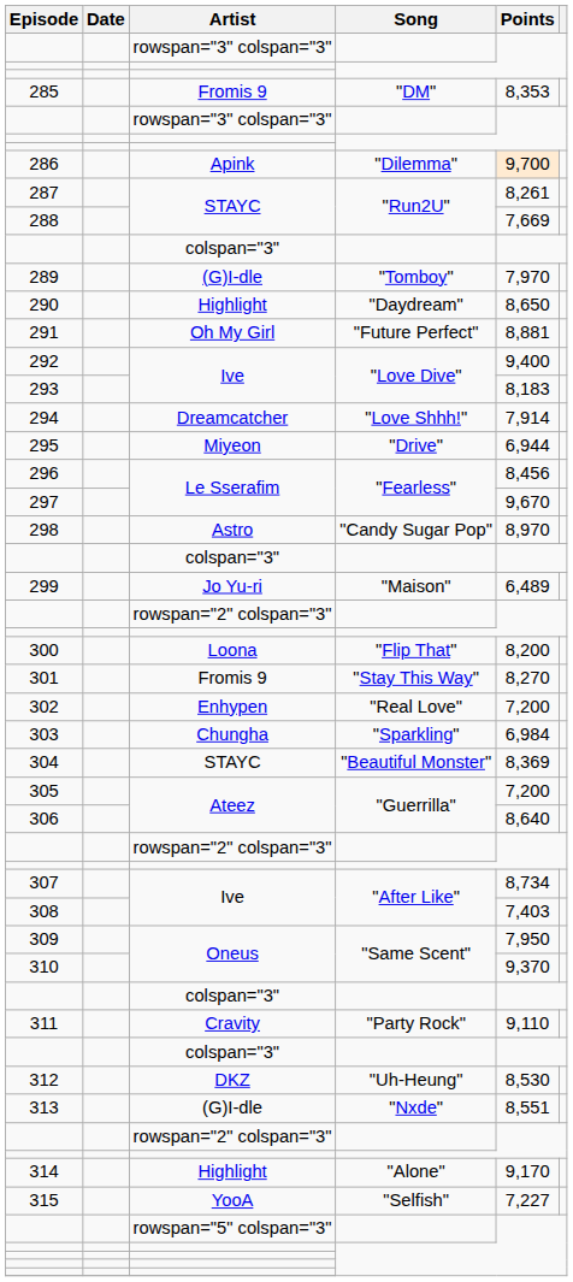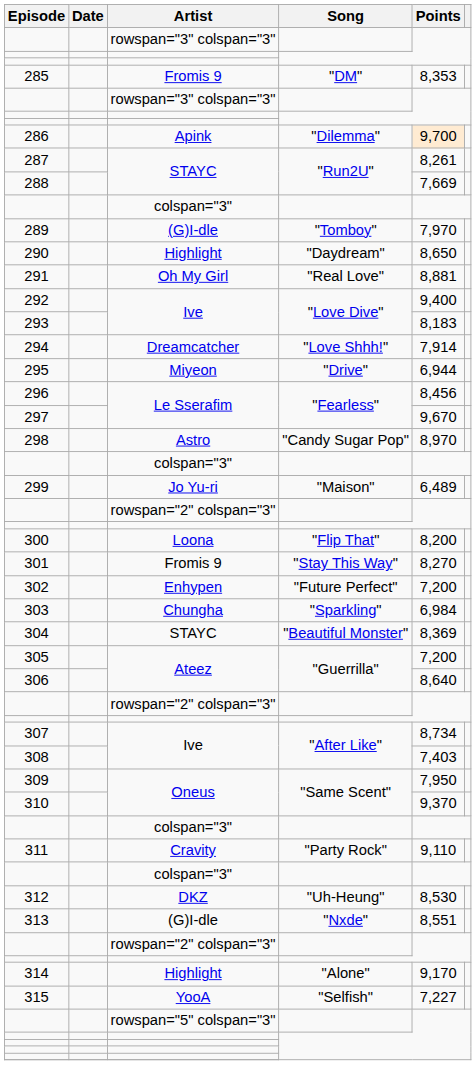 <table class="sortable wikitable" style=text-align:center>
 <tr>
 <th>Episode</th>
 <th>Date</th>
 <th>Artist</th>
 <th>Song</th>
 <th>Points</th>
 <th class="unsortable"></th>
 </tr>
 <tr>
 <td></td>
 <td></td>
 <td>rowspan="3" colspan="3" </td>
 <td></td>
 </tr>
 <tr>
 <td></td>
 <td></td>
 <td></td>
 </tr>
 <tr>
 <td></td>
 <td></td>
 <td></td>
 </tr>
 <tr>
 <td>285</td>
 <td></td>
 <td><a href='#'>Fromis 9</a></td>
 <td>"<a href='#'>DM</a>"</td>
 <td>8,353</td>
 <td></td>
 </tr>
 <tr>
 <td></td>
 <td></td>
 <td>rowspan="3" colspan="3" </td>
 <td></td>
 </tr>
 <tr>
 <td></td>
 <td></td>
 <td></td>
 </tr>
 <tr>
 <td></td>
 <td></td>
 <td></td>
 </tr>
 <tr>
 <td>286</td>
 <td></td>
 <td><a href='#'>Apink</a></td>
 <td>"<a href='#'>Dilemma</a>"</td>
 <td style="background: #ffebd2">9,700</td>
 <td></td>
 </tr>
 <tr>
 <td>287</td>
 <td></td>
 <td rowspan="2"><a href='#'>STAYC</a></td>
 <td rowspan="2">"<a href='#'>Run2U</a>"</td>
 <td>8,261</td>
 <td></td>
 </tr>
 <tr>
 <td>288</td>
 <td></td>
 <td>7,669</td>
 <td></td>
 </tr>
 <tr>
 <td></td>
 <td></td>
 <td>colspan="3" </td>
 <td></td>
 </tr>
 <tr>
 <td>289</td>
 <td></td>
 <td><a href='#'>(G)I-dle</a></td>
 <td>"<a href='#'>Tomboy</a>"</td>
 <td>7,970</td>
 <td></td>
 </tr>
 <tr>
 <td>290</td>
 <td></td>
 <td><a href='#'>Highlight</a></td>
 <td>"Daydream"</td>
 <td>8,650</td>
 <td></td>
 </tr>
 <tr>
 <td>291</td>
 <td></td>
 <td><a href='#'>Oh My Girl</a></td>
-<td>"Future Perfect"</td>
+<td>"Real Love"</td>
 <td>8,881</td>
 <td></td>
 </tr>
 <tr>
 <td>292</td>
 <td></td>
 <td rowspan="2"><a href='#'>Ive</a></td>
 <td rowspan="2">"<a href='#'>Love Dive</a>"</td>
 <td>9,400</td>
 <td></td>
 </tr>
 <tr>
 <td>293</td>
 <td></td>
 <td>8,183</td>
 <td></td>
 </tr>
 <tr>
 <td>294</td>
 <td></td>
 <td><a href='#'>Dreamcatcher</a></td>
 <td>"<a href='#'>Love Shhh!</a>"</td>
 <td>7,914</td>
 <td></td>
 </tr>
 <tr>
 <td>295</td>
 <td></td>
 <td><a href='#'>Miyeon</a></td>
 <td>"<a href='#'>Drive</a>"</td>
 <td>6,944</td>
 <td></td>
 </tr>
 <tr>
 <td>296</td>
 <td></td>
 <td rowspan="2"><a href='#'>Le Sserafim</a></td>
 <td rowspan="2">"<a href='#'>Fearless</a>"</td>
 <td>8,456</td>
 <td></td>
 </tr>
 <tr>
 <td>297</td>
 <td></td>
 <td>9,670</td>
 <td></td>
 </tr>
 <tr>
 <td>298</td>
 <td></td>
 <td><a href='#'>Astro</a></td>
 <td>"Candy Sugar Pop"</td>
 <td>8,970</td>
 <td></td>
 </tr>
 <tr>
 <td></td>
 <td></td>
 <td>colspan="3" </td>
 <td></td>
 </tr>
 <tr>
 <td>299</td>
 <td></td>
 <td><a href='#'>Jo Yu-ri</a></td>
 <td>"Maison"</td>
 <td>6,489</td>
 <td></td>
 </tr>
 <tr>
 <td></td>
 <td></td>
 <td>rowspan="2" colspan="3" </td>
 <td></td>
 </tr>
 <tr>
 <td></td>
 <td></td>
 <td></td>
 </tr>
 <tr>
 <td>300</td>
 <td></td>
 <td><a href='#'>Loona</a></td>
 <td>"<a href='#'>Flip That</a>"</td>
 <td>8,200</td>
 <td></td>
 </tr>
 <tr>
 <td>301</td>
 <td></td>
 <td>Fromis 9</td>
 <td>"<a href='#'>Stay This Way</a>"</td>
 <td>8,270</td>
 <td></td>
 </tr>
 <tr>
 <td>302</td>
 <td></td>
 <td><a href='#'>Enhypen</a></td>
-<td>"Real Love"</td>
+<td>"Future Perfect"</td>
 <td>7,200</td>
 <td></td>
 </tr>
 <tr>
 <td>303</td>
 <td></td>
 <td><a href='#'>Chungha</a></td>
 <td>"<a href='#'>Sparkling</a>"</td>
 <td>6,984</td>
 <td></td>
 </tr>
 <tr>
 <td>304</td>
 <td></td>
 <td>STAYC</td>
 <td>"<a href='#'>Beautiful Monster</a>"</td>
 <td>8,369</td>
 <td></td>
 </tr>
 <tr>
 <td>305</td>
 <td></td>
 <td rowspan="2"><a href='#'>Ateez</a></td>
 <td rowspan="2">"Guerrilla"</td>
 <td>7,200</td>
 <td></td>
 </tr>
 <tr>
 <td>306</td>
 <td></td>
 <td>8,640</td>
 <td></td>
 </tr>
 <tr>
 <td></td>
 <td></td>
 <td>rowspan="2" colspan="3" </td>
 <td></td>
 </tr>
 <tr>
 <td></td>
 <td></td>
 <td></td>
 </tr>
 <tr>
 <td>307</td>
 <td></td>
 <td rowspan="2">Ive</td>
 <td rowspan="2">"<a href='#'>After Like</a>"</td>
 <td>8,734</td>
 <td></td>
 </tr>
 <tr>
 <td>308</td>
 <td></td>
 <td>7,403</td>
 <td></td>
 </tr>
 <tr>
 <td>309</td>
 <td></td>
 <td rowspan="2"><a href='#'>Oneus</a></td>
 <td rowspan="2">"Same Scent"</td>
 <td>7,950</td>
 <td></td>
 </tr>
 <tr>
 <td>310</td>
 <td></td>
 <td>9,370</td>
 <td></td>
 </tr>
 <tr>
 <td></td>
 <td></td>
 <td>colspan="3" </td>
 <td></td>
 </tr>
 <tr>
 <td>311</td>
 <td></td>
 <td><a href='#'>Cravity</a></td>
 <td>"Party Rock"</td>
 <td>9,110</td>
 <td></td>
 </tr>
 <tr>
 <td></td>
 <td></td>
 <td>colspan="3" </td>
 <td></td>
 </tr>
 <tr>
 <td>312</td>
 <td></td>
 <td><a href='#'>DKZ</a></td>
 <td>"Uh-Heung"</td>
 <td>8,530</td>
 <td></td>
 </tr>
 <tr>
 <td>313</td>
 <td></td>
 <td>(G)I-dle</td>
 <td>"<a href='#'>Nxde</a>"</td>
 <td>8,551</td>
 <td></td>
 </tr>
 <tr>
 <td></td>
 <td></td>
 <td>rowspan="2" colspan="3" </td>
 <td></td>
 </tr>
 <tr>
 <td></td>
 <td></td>
 <td></td>
 </tr>
 <tr>
 <td>314</td>
 <td></td>
 <td><a href='#'>Highlight</a></td>
 <td>"Alone"</td>
 <td>9,170</td>
 <td></td>
 </tr>
 <tr>
 <td>315</td>
 <td></td>
 <td><a href='#'>YooA</a></td>
 <td>"Selfish"</td>
 <td>7,227</td>
 <td></td>
 </tr>
 <tr>
 <td></td>
 <td></td>
 <td>rowspan="5" colspan="3" </td>
 <td></td>
 </tr>
 <tr>
 <td></td>
 <td></td>
 <td></td>
 </tr>
 <tr>
 <td></td>
 <td></td>
 <td></td>
 </tr>
 <tr>
 <td></td>
 <td></td>
 <td></td>
 </tr>
 <tr>
 <td></td>
 <td></td>
 <td></td>
 </tr>
 <tr>
 </tr>
 </table>
